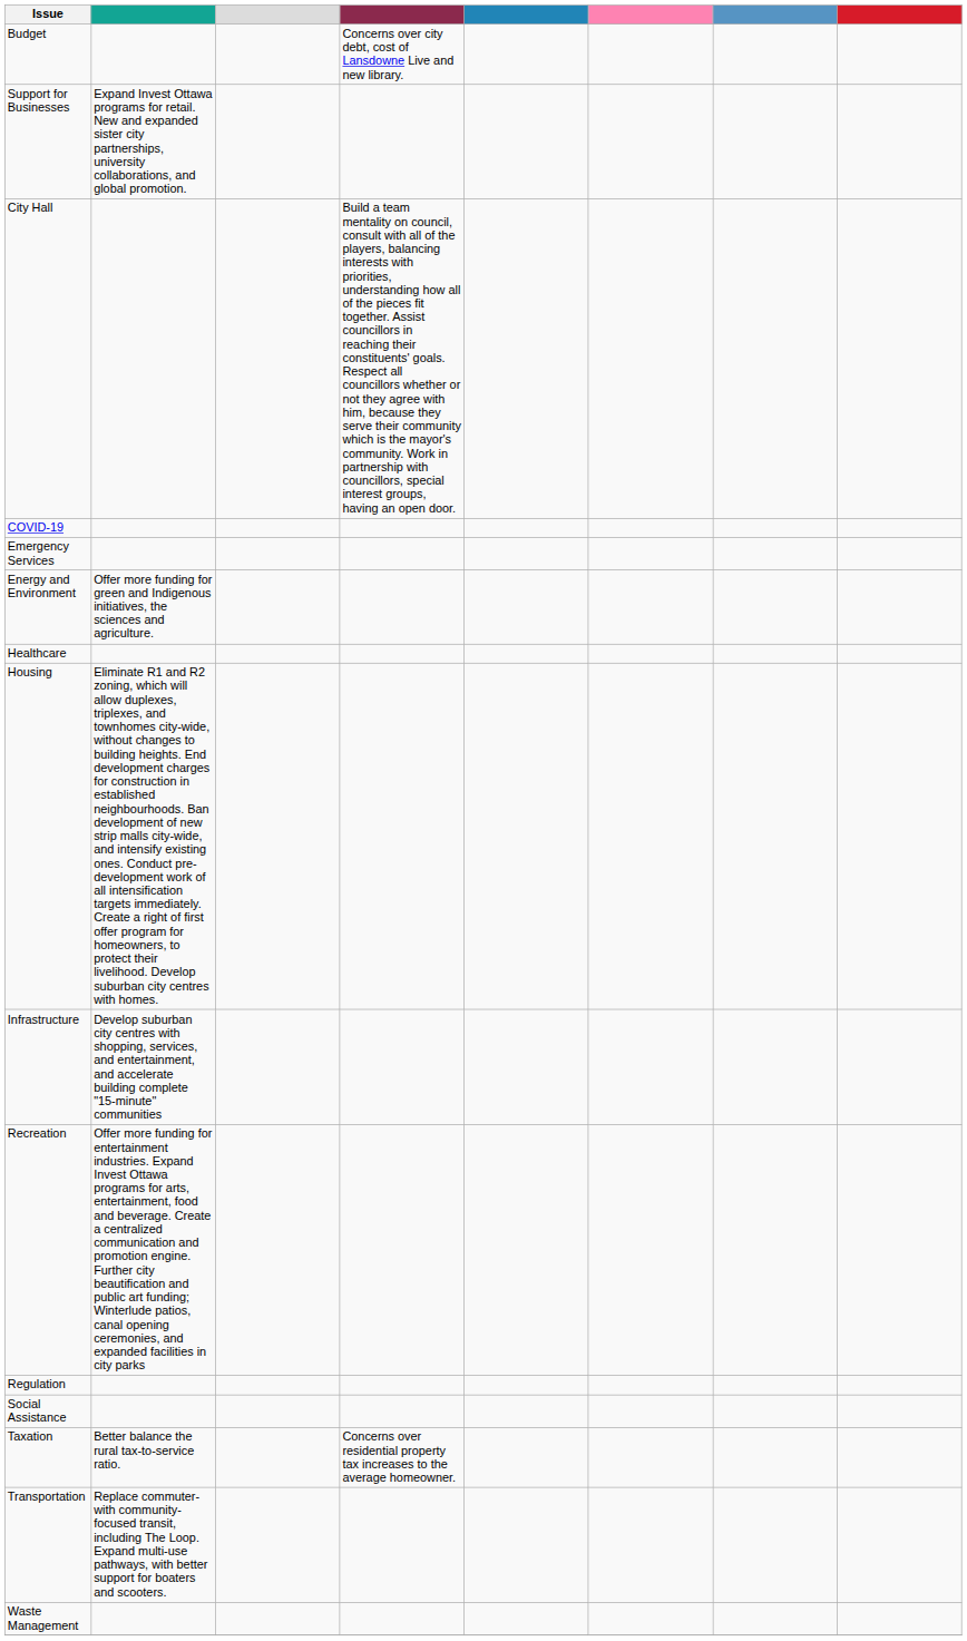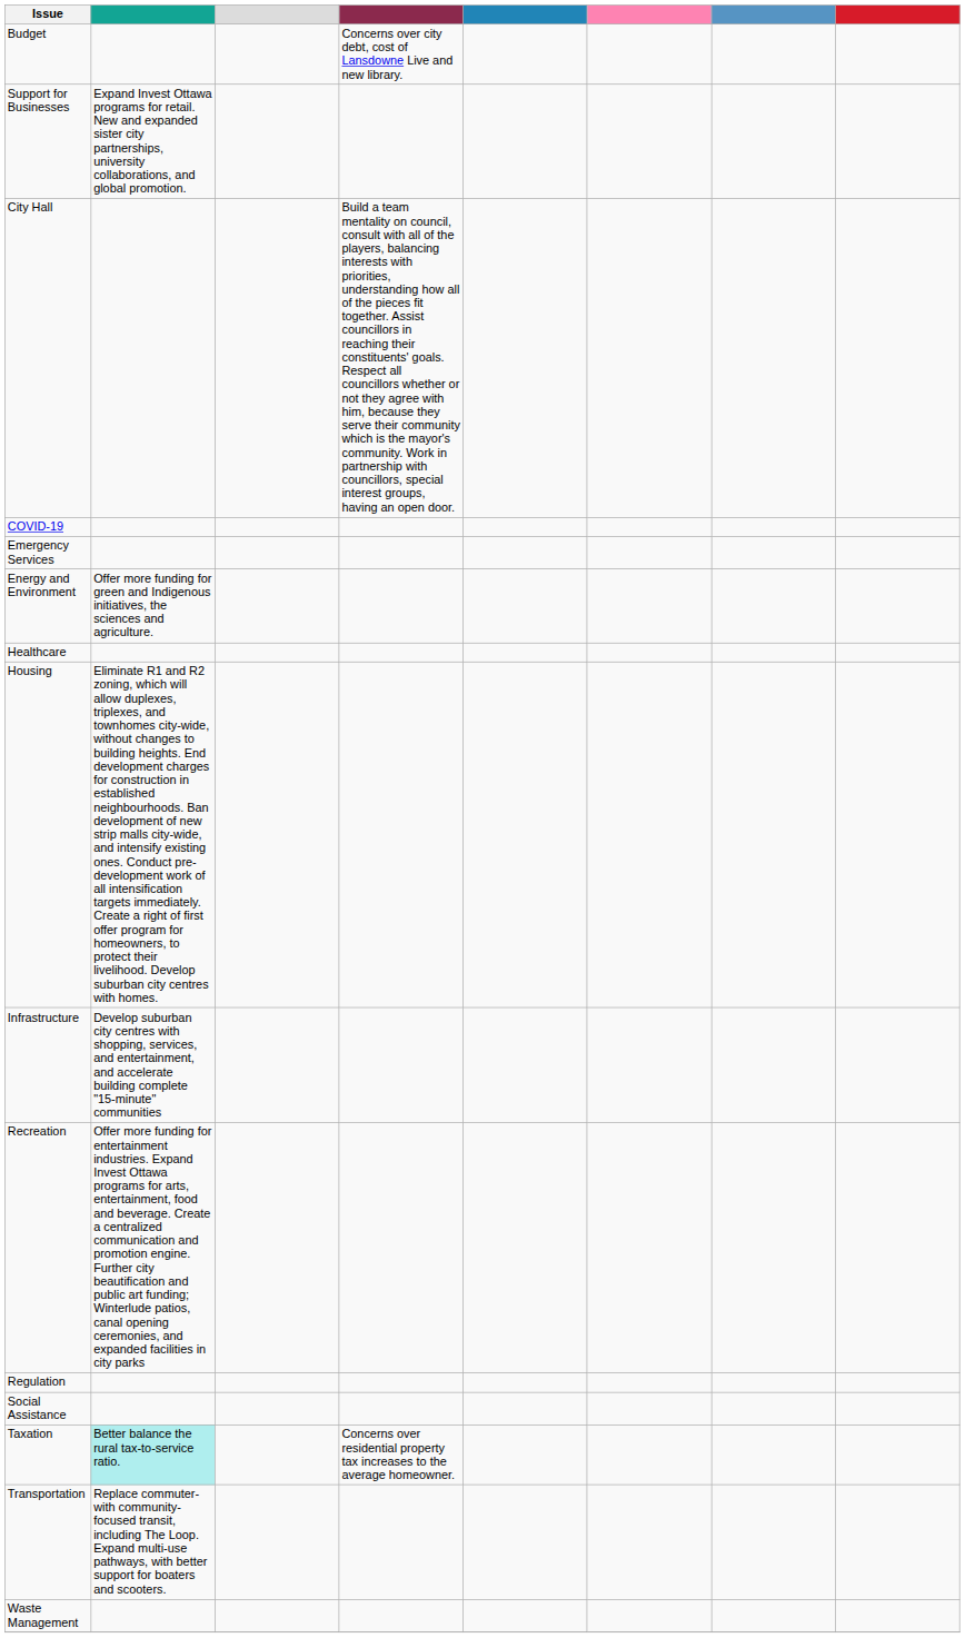 <table class="wikitable mw-collapsible mw-collapsed" style="width:100%;">
 <tr>
 <th>Issue</th>
 <th width="13%" style="background:#12A594;" align="center"><a href='#'></a></th>
 <th width="13%" style="background:#DCDCDC;" align="center"><a href='#'></a></th>
 <th width="13%" style="background:#8B294D;" align="center"><a href='#'></a></th>
 <th width="13%" style="background:#2185B7;" align="center"><a href='#'></a></th>
 <th width="13%" style="background:#FE83B2;" align="center"><a href='#'></a></th>
 <th width="13%" style="background:#5694C3;" align="center"><a href='#'></a></th>
 <th width="13%" style="background:#D71B29;" align="center"><a href='#'></a></th>
 </tr>
 <tr style="vertical-align:top">
 <td>Budget</td>
 <td></td>
 <td></td>
 <td>Concerns over city debt, cost of <a href='#'>Lansdowne</a> Live and new library.</td>
 <td></td>
 <td></td>
 <td></td>
 <td></td>
 </tr>
 <tr style="vertical-align:top">
 <td>Support for Businesses</td>
 <td>Expand Invest Ottawa programs for retail. New and expanded sister city partnerships, university collaborations, and global promotion.</td>
 <td></td>
 <td></td>
 <td></td>
 <td></td>
 <td></td>
 <td></td>
 </tr>
 <tr style="vertical-align:top">
 <td>City Hall</td>
 <td></td>
 <td></td>
 <td>Build a team mentality on council, consult with all of the players, balancing interests with priorities, understanding how all of the pieces fit together. Assist councillors in reaching their constituents' goals. Respect all councillors whether or not they agree with him, because they serve their community which is the mayor's community. Work in partnership with councillors, special interest groups, having an open door.</td>
 <td></td>
 <td></td>
 <td></td>
 <td></td>
 </tr>
 <tr style="vertical-align:top">
 <td><a href='#'>COVID-19</a></td>
 <td></td>
 <td></td>
 <td></td>
 <td></td>
 <td></td>
 <td></td>
 <td></td>
 </tr>
 <tr style="vertical-align:top">
 <td>Emergency Services</td>
 <td></td>
 <td></td>
 <td></td>
 <td></td>
 <td></td>
 <td></td>
 <td></td>
 </tr>
 <tr style="vertical-align:top">
 <td>Energy and Environment</td>
 <td>Offer more funding for green and Indigenous initiatives, the sciences and agriculture.</td>
 <td></td>
 <td></td>
 <td></td>
 <td></td>
 <td></td>
 <td></td>
 </tr>
 <tr style="vertical-align:top">
 <td>Healthcare</td>
 <td></td>
 <td></td>
 <td></td>
 <td></td>
 <td></td>
 <td></td>
 <td></td>
 </tr>
 <tr style="vertical-align:top">
 <td>Housing</td>
 <td>Eliminate R1 and R2 zoning, which will allow duplexes, triplexes, and townhomes city-wide, without changes to building heights. End development charges for construction in established neighbourhoods. Ban development of new strip malls city-wide, and intensify existing ones. Conduct pre-development work of all intensification targets immediately. Create a right of first offer program for homeowners, to protect their livelihood. Develop suburban city centres with homes.</td>
 <td></td>
 <td></td>
 <td></td>
 <td></td>
 <td></td>
 <td></td>
 </tr>
 <tr style="vertical-align:top">
 <td>Infrastructure</td>
 <td>Develop suburban city centres with shopping, services, and entertainment, and accelerate building complete "15-minute" communities</td>
 <td></td>
 <td></td>
 <td></td>
 <td></td>
 <td></td>
 <td></td>
 </tr>
 <tr style="vertical-align:top">
 <td>Recreation</td>
 <td>Offer more funding for entertainment industries. Expand Invest Ottawa programs for arts, entertainment, food and beverage. Create a centralized communication and promotion engine. Further city beautification and public art funding; Winterlude patios, canal opening ceremonies, and expanded facilities in city parks</td>
 <td></td>
 <td></td>
 <td></td>
 <td></td>
 <td></td>
 <td></td>
 </tr>
 <tr style="vertical-align:top">
 <td>Regulation</td>
 <td></td>
 <td></td>
 <td></td>
 <td></td>
 <td></td>
 <td></td>
 <td></td>
 </tr>
 <tr style="vertical-align:top">
 <td>Social Assistance</td>
 <td></td>
 <td></td>
 <td></td>
 <td></td>
 <td></td>
 <td></td>
 <td></td>
 </tr>
 <tr style="vertical-align:top">
 <td>Taxation</td>
-<td>Better balance the rural tax-to-service ratio.</td>
+<td style="background: paleturquoise;">Better balance the rural tax-to-service ratio.</td>
 <td></td>
 <td>Concerns over residential property tax increases to the average homeowner.</td>
 <td></td>
 <td></td>
 <td></td>
 <td></td>
 </tr>
 <tr style="vertical-align:top">
 <td>Transportation</td>
 <td>Replace commuter- with community-focused transit, including The Loop. Expand multi-use pathways, with better support for boaters and scooters.</td>
 <td></td>
 <td></td>
 <td></td>
 <td></td>
 <td></td>
 <td></td>
 </tr>
 <tr style="vertical-align:top">
 <td>Waste Management</td>
 <td></td>
 <td></td>
 <td></td>
 <td></td>
 <td></td>
 <td></td>
 <td></td>
 </tr>
 <tr style="vertical-align:top">
 </tr>
 </table>
